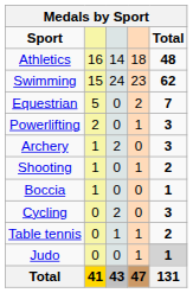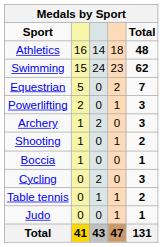 <table class="wikitable" style="font-size:95%">
 <tr style="background:#efefef;">
 <th colspan=5>Medals by Sport</th>
 </tr>
 <tr style="text-align:center;">
 <td><strong>Sport</strong></td>
 <td bgcolor=#f7f6a8></td>
 <td bgcolor=#dce5e5></td>
 <td bgcolor=#ffdab9></td>
 <td><strong>Total</strong></td>
 </tr>
 <tr style="text-align:center;">
 <td><a href='#'>Athletics</a></td>
 <td style="background:#F7F6A8;">16</td>
 <td style="background:#DCE5E5;">14</td>
 <td style="background:#FFDAB9;">18</td>
 <td><strong>48</strong></td>
 </tr>
 <tr style="text-align:center;">
 <td><a href='#'>Swimming</a></td>
 <td style="background:#F7F6A8;">15</td>
 <td style="background:#DCE5E5;">24</td>
 <td style="background:#FFDAB9;">23</td>
 <td><strong>62</strong></td>
 </tr>
 <tr style="text-align:center;">
 <td><a href='#'>Equestrian</a></td>
 <td style="background:#F7F6A8;">5</td>
 <td style="background:#DCE5E5;">0</td>
 <td style="background:#FFDAB9;">2</td>
 <td><strong>7</strong></td>
 </tr>
 <tr style="text-align:center;">
 <td><a href='#'>Powerlifting</a></td>
 <td style="background:#F7F6A8;">2</td>
 <td style="background:#DCE5E5;">0</td>
 <td style="background:#FFDAB9;">1</td>
 <td><strong>3</strong></td>
 </tr>
 <tr style="text-align:center;">
 <td><a href='#'>Archery</a></td>
 <td style="background:#F7F6A8;">1</td>
 <td style="background:#DCE5E5;">2</td>
 <td style="background:#FFDAB9;">0</td>
 <td><strong>3</strong></td>
 </tr>
 <tr style="text-align:center;">
 <td><a href='#'>Shooting</a></td>
 <td style="background:#F7F6A8;">1</td>
 <td style="background:#DCE5E5;">0</td>
 <td style="background:#FFDAB9;">1</td>
 <td><strong>2</strong></td>
 </tr>
 <tr style="text-align:center;">
 <td><a href='#'>Boccia</a></td>
 <td style="background:#F7F6A8;">1</td>
 <td style="background:#DCE5E5;">0</td>
 <td style="background:#FFDAB9;">0</td>
 <td><strong>1</strong></td>
 </tr>
 <tr style="text-align:center;">
 <td><a href='#'>Cycling</a></td>
 <td style="background:#F7F6A8;">0</td>
 <td style="background:#DCE5E5;">2</td>
 <td style="background:#FFDAB9;">0</td>
 <td><strong>3</strong></td>
 </tr>
 <tr style="text-align:center;">
 <td><a href='#'>Table tennis</a></td>
 <td style="background:#F7F6A8;">0</td>
 <td style="background:#DCE5E5;">1</td>
 <td style="background:#FFDAB9;">1</td>
 <td><strong>2</strong></td>
 </tr>
 <tr style="text-align:center;">
 <td><a href='#'>Judo</a></td>
 <td style="background:#F7F6A8;">0</td>
 <td style="background:#DCE5E5;">0</td>
 <td style="background:#FFDAB9;">1</td>
-<td style="background: lightgrey;"><strong>1</strong></td>
+<td><strong>1</strong></td>
 </tr>
 <tr>
 <th><strong>Total</strong></th>
 <th style="background:gold;"><strong>41</strong></th>
 <th style="background:silver;"><strong>43</strong></th>
 <th style="background:#c96;"><strong>47</strong></th>
 <th><strong>131</strong></th>
 </tr>
 </table>
